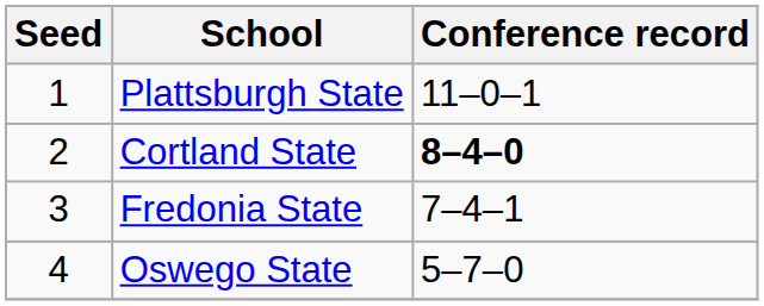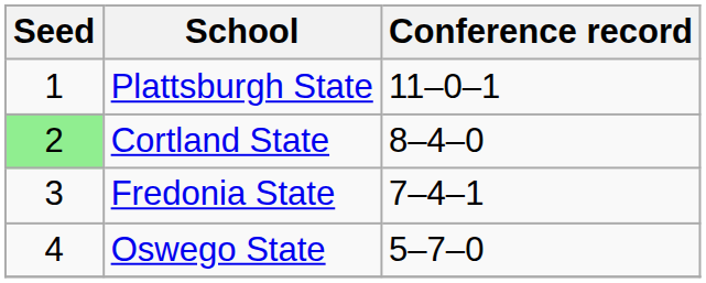 <table class="wikitable">
 <tr>
 <th>Seed</th>
 <th>School</th>
 <th>Conference record</th>
 </tr>
 <tr>
 <td align=center>1</td>
 <td><a href='#'>Plattsburgh State</a></td>
 <td>11–0–1</td>
 </tr>
 <tr>
-<td align=center>2</td>
+<td align=center style="background: lightgreen;">2</td>
 <td><a href='#'>Cortland State</a></td>
-<td><strong>8–4–0</strong></td>
+<td>8–4–0</td>
 </tr>
 <tr>
 <td align=center>3</td>
 <td><a href='#'>Fredonia State</a></td>
 <td>7–4–1</td>
 </tr>
 <tr>
 <td align=center>4</td>
 <td><a href='#'>Oswego State</a></td>
 <td>5–7–0</td>
 </tr>
 <tr>
 </tr>
 </table>
